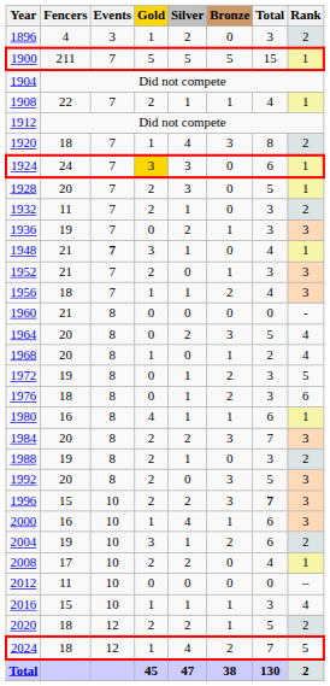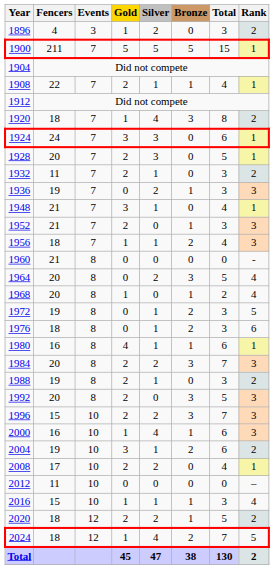 <table class="wikitable sortable" style="text-align:center">
 <tr>
 <th>Year</th>
 <th>Fencers</th>
 <th>Events</th>
 <th style="text-align:center; background-color:gold;"><strong>Gold</strong></th>
 <th style="text-align:center; background-color:silver;"><strong>Silver</strong></th>
 <th style="text-align:center; background-color:#c96;"><strong>Bronze</strong></th>
 <th>Total</th>
 <th>Rank</th>
 </tr>
 <tr style="text-align:center">
 <td><a href='#'>1896</a></td>
 <td>4</td>
 <td>3</td>
 <td>1</td>
 <td>2</td>
 <td>0</td>
 <td>3</td>
 <td style="background-color:#dce5e5">2</td>
 </tr>
 <tr style="text-align:center; border: 3px solid red">
 <td><a href='#'>1900</a></td>
 <td>211</td>
 <td>7</td>
 <td>5</td>
 <td>5</td>
 <td>5</td>
 <td>15</td>
 <td style="background-color:#F7F6A8">1</td>
 </tr>
 <tr style="text-align:center">
 <td><a href='#'>1904</a></td>
 <td colspan=7>Did not compete</td>
 </tr>
 <tr style="text-align:center">
 <td><a href='#'>1908</a></td>
 <td>22</td>
 <td>7</td>
 <td>2</td>
 <td>1</td>
 <td>1</td>
 <td>4</td>
 <td style="background-color:#F7F6A8">1</td>
 </tr>
 <tr style="text-align:center">
 <td><a href='#'>1912</a></td>
 <td colspan=7>Did not compete</td>
 </tr>
 <tr style="text-align:center">
 <td><a href='#'>1920</a></td>
 <td>18</td>
 <td>7</td>
 <td>1</td>
 <td>4</td>
 <td>3</td>
 <td>8</td>
 <td style="background-color:#dce5e5">2</td>
 </tr>
 <tr style="text-align:center; border: 3px solid red">
 <td><a href='#'>1924</a></td>
 <td>24</td>
 <td>7</td>
-<td style="background: gold;">3</td>
+<td>3</td>
 <td>3</td>
 <td>0</td>
 <td>6</td>
 <td style="background-color:#F7F6A8">1</td>
 </tr>
 <tr style="text-align:center">
 <td><a href='#'>1928</a></td>
 <td>20</td>
 <td>7</td>
 <td>2</td>
 <td>3</td>
 <td>0</td>
 <td>5</td>
 <td style="background-color:#F7F6A8">1</td>
 </tr>
 <tr style="text-align:center">
 <td><a href='#'>1932</a></td>
 <td>11</td>
 <td>7</td>
 <td>2</td>
 <td>1</td>
 <td>0</td>
 <td>3</td>
 <td style="background-color:#dce5e5">2</td>
 </tr>
 <tr style="text-align:center">
 <td><a href='#'>1936</a></td>
 <td>19</td>
 <td>7</td>
 <td>0</td>
 <td>2</td>
 <td>1</td>
 <td>3</td>
 <td style="background-color:#ffdab9">3</td>
 </tr>
 <tr style="text-align:center">
 <td><a href='#'>1948</a></td>
 <td>21</td>
-<td><strong>7</strong></td>
+<td>7</td>
 <td>3</td>
 <td>1</td>
 <td>0</td>
 <td>4</td>
 <td style="background-color:#F7F6A8">1</td>
 </tr>
 <tr style="text-align:center">
 <td><a href='#'>1952</a></td>
 <td>21</td>
 <td>7</td>
 <td>2</td>
 <td>0</td>
 <td>1</td>
 <td>3</td>
 <td style="background-color:#ffdab9">3</td>
 </tr>
 <tr style="text-align:center">
 <td><a href='#'>1956</a></td>
 <td>18</td>
 <td>7</td>
 <td>1</td>
 <td>1</td>
 <td>2</td>
 <td>4</td>
 <td style="background-color:#ffdab9">3</td>
 </tr>
 <tr style="text-align:center">
 <td><a href='#'>1960</a></td>
 <td>21</td>
 <td>8</td>
 <td>0</td>
 <td>0</td>
 <td>0</td>
 <td>0</td>
 <td>-</td>
 </tr>
 <tr style="text-align:center">
 <td><a href='#'>1964</a></td>
 <td>20</td>
 <td>8</td>
 <td>0</td>
 <td>2</td>
 <td>3</td>
 <td>5</td>
 <td>4</td>
 </tr>
 <tr style="text-align:center">
 <td><a href='#'>1968</a></td>
 <td>20</td>
 <td>8</td>
 <td>1</td>
 <td>0</td>
 <td>1</td>
 <td>2</td>
 <td>4</td>
 </tr>
 <tr style="text-align:center">
 <td><a href='#'>1972</a></td>
 <td>19</td>
 <td>8</td>
 <td>0</td>
 <td>1</td>
 <td>2</td>
 <td>3</td>
 <td>5</td>
 </tr>
 <tr style="text-align:center">
 <td><a href='#'>1976</a></td>
 <td>18</td>
 <td>8</td>
 <td>0</td>
 <td>1</td>
 <td>2</td>
 <td>3</td>
 <td>6</td>
 </tr>
 <tr style="text-align:center">
 <td><a href='#'>1980</a></td>
 <td>16</td>
 <td>8</td>
 <td>4</td>
 <td>1</td>
 <td>1</td>
 <td>6</td>
 <td style="background-color:#F7F6A8">1</td>
 </tr>
 <tr style="text-align:center">
 <td><a href='#'>1984</a></td>
 <td>20</td>
 <td>8</td>
 <td>2</td>
 <td>2</td>
 <td>3</td>
 <td>7</td>
 <td style="background-color:#ffdab9">3</td>
 </tr>
 <tr style="text-align:center">
 <td><a href='#'>1988</a></td>
 <td>19</td>
 <td>8</td>
 <td>2</td>
 <td>1</td>
 <td>0</td>
 <td>3</td>
 <td style="background-color:#dce5e5">2</td>
 </tr>
 <tr style="text-align:center">
 <td><a href='#'>1992</a></td>
 <td>20</td>
 <td>8</td>
 <td>2</td>
 <td>0</td>
 <td>3</td>
 <td>5</td>
 <td style="background-color:#ffdab9">3</td>
 </tr>
 <tr style="text-align:center">
 <td><a href='#'>1996</a></td>
 <td>15</td>
 <td>10</td>
 <td>2</td>
 <td>2</td>
 <td>3</td>
-<td><strong>7</strong></td>
+<td>7</td>
 <td style="background-color:#ffdab9">3</td>
 </tr>
 <tr style="text-align:center">
 <td><a href='#'>2000</a></td>
 <td>16</td>
 <td>10</td>
 <td>1</td>
 <td>4</td>
 <td>1</td>
 <td>6</td>
 <td style="background-color:#ffdab9">3</td>
 </tr>
 <tr style="text-align:center">
 <td><a href='#'>2004</a></td>
 <td>19</td>
 <td>10</td>
 <td>3</td>
 <td>1</td>
 <td>2</td>
 <td>6</td>
 <td style="background-color:#dce5e5">2</td>
 </tr>
 <tr style="text-align:center">
 <td><a href='#'>2008</a></td>
 <td>17</td>
 <td>10</td>
 <td>2</td>
 <td>2</td>
 <td>0</td>
 <td>4</td>
 <td style="background-color:#F7F6A8">1</td>
 </tr>
 <tr style="text-align:center">
 <td><a href='#'>2012</a></td>
 <td>11</td>
 <td>10</td>
 <td>0</td>
 <td>0</td>
 <td>0</td>
 <td>0</td>
 <td>–</td>
 </tr>
 <tr style="text-align:center">
 <td><a href='#'>2016</a></td>
 <td>15</td>
 <td>10</td>
 <td>1</td>
 <td>1</td>
 <td>1</td>
 <td>3</td>
 <td>4</td>
 </tr>
 <tr style="text-align:center">
 <td><a href='#'>2020</a></td>
 <td>18</td>
 <td>12</td>
 <td>2</td>
 <td>2</td>
 <td>1</td>
 <td>5</td>
 <td style="background-color:#dce5e5">2</td>
 </tr>
 <tr style="text-align:center; border: 3px solid red">
 <td><a href='#'>2024</a></td>
 <td>18</td>
 <td>12</td>
 <td>1</td>
 <td>4</td>
 <td>2</td>
 <td>7</td>
 <td>5</td>
 </tr>
 <tr style="text-align:center; background-color:#ccf;">
 <td><strong><a href='#'>Total</a></strong></td>
 <td></td>
 <td></td>
 <td><strong>45</strong></td>
 <td><strong>47</strong></td>
 <td><strong>38</strong></td>
 <td><strong>130</strong></td>
 <td style="background-color:#dce5e5"><strong>2</strong></td>
 </tr>
 </table>
